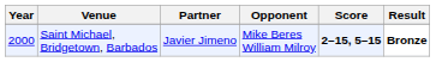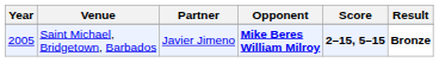 <table class="sortable wikitable" style="font-size: 90%;">
 <tr>
 <th>Year</th>
 <th>Venue</th>
 <th>Partner</th>
 <th>Opponent</th>
 <th>Score</th>
 <th>Result</th>
 </tr>
 <tr>
 </tr>
 <tr style="background:#ECF2FF">
-<td align="center"><a href='#'>2000</a></td>
+<td align="center"><a href='#'>2005</a></td>
 <td align="left"><a href='#'>Saint Michael</a>,<br> <a href='#'>Bridgetown</a>, <a href='#'>Barbados</a></td>
 <td align="left"> <a href='#'>Javier Jimeno</a></td>
-<td align="left"> <a href='#'>Mike Beres</a><br> <a href='#'>William Milroy</a></td>
+<td align="left"><strong> <a href='#'>Mike Beres</a><br> <a href='#'>William Milroy</a></strong></td>
 <td align="left"><strong>2–15, 5–15</strong></td>
 <td style="text-align:left; background:white"> <strong>Bronze</strong></td>
 </tr>
 </table>
